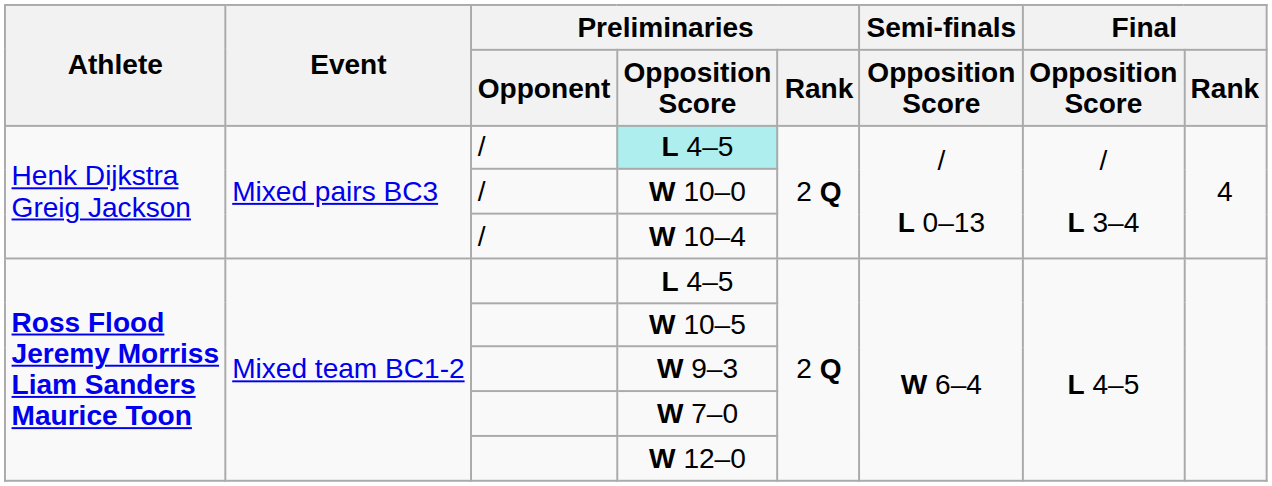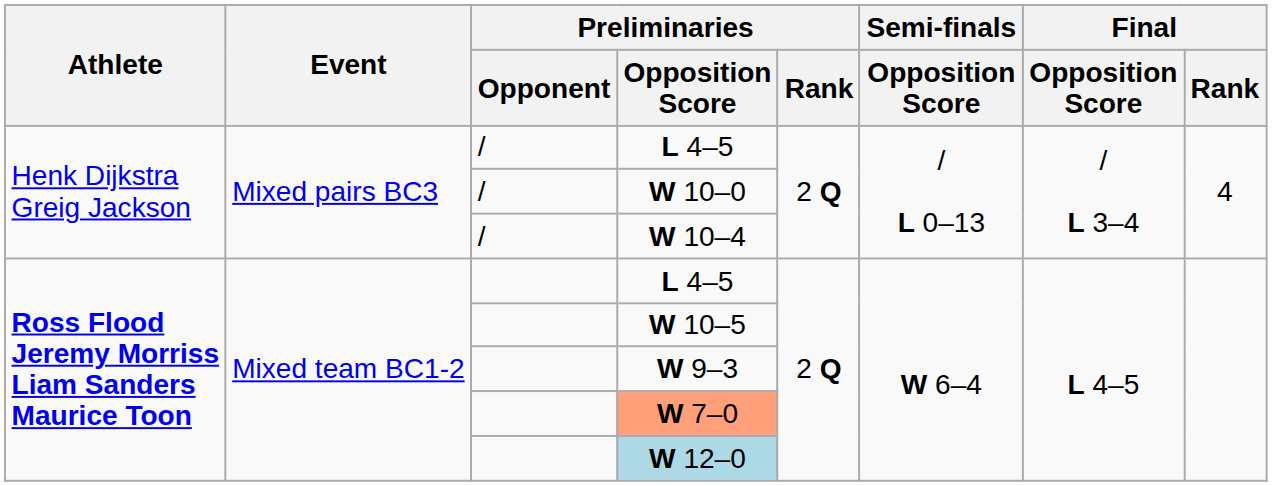 <table class=wikitable style="font-size:90%">
 <tr>
 <th rowspan="2">Athlete</th>
 <th rowspan="2">Event</th>
 <th colspan="3">Preliminaries</th>
 <th>Semi-finals</th>
 <th colspan="2">Final</th>
 </tr>
 <tr>
 <th>Opponent</th>
 <th>Opposition<br>Score</th>
 <th>Rank</th>
 <th>Opposition<br>Score</th>
 <th>Opposition<br>Score</th>
 <th>Rank</th>
 </tr>
 <tr>
 <td rowspan="3"><a href='#'>Henk Dijkstra</a><br> <a href='#'>Greig Jackson</a></td>
 <td rowspan="3"><a href='#'>Mixed pairs BC3</a></td>
 <td align="left"> /<br> </td>
-<td align="center" style="background: paleturquoise;"><strong>L</strong> 4–5</td>
+<td align="center"><strong>L</strong> 4–5</td>
 <td align="center" rowspan="3">2 <strong>Q</strong></td>
 <td align="center" rowspan="3"> /<br> <br> <strong>L</strong> 0–13</td>
 <td align="center" rowspan="3"> /<br> <br><strong>L</strong> 3–4</td>
 <td align="center" rowspan="3">4</td>
 </tr>
 <tr>
 <td align="left"> /<br> </td>
 <td align="center"><strong>W</strong> 10–0</td>
 </tr>
 <tr>
 <td align="left"> /<br> </td>
 <td align="center"><strong>W</strong> 10–4</td>
 </tr>
 <tr>
 <td rowspan="5"><strong><a href='#'>Ross Flood</a></strong><br> <strong><a href='#'>Jeremy Morriss</a></strong><br> <strong><a href='#'>Liam Sanders</a></strong><br> <strong><a href='#'>Maurice Toon</a></strong></td>
 <td rowspan="5"><a href='#'>Mixed team BC1-2</a></td>
 <td align="left"></td>
 <td align="center"><strong>L</strong> 4–5</td>
 <td align="center" rowspan="5">2 <strong>Q</strong></td>
 <td align="center" rowspan="5"><br><strong>W</strong> 6–4</td>
 <td align="center" rowspan="5"><br><strong>L</strong> 4–5</td>
 <td align="center" rowspan="5"></td>
 </tr>
 <tr>
 <td align="left"></td>
 <td align="center"><strong>W</strong> 10–5</td>
 </tr>
 <tr>
 <td align="left"></td>
 <td align="center"><strong>W</strong> 9–3</td>
 </tr>
 <tr>
 <td align="left"></td>
-<td align="center"><strong>W</strong> 7–0</td>
+<td align="center" style="background: lightsalmon;"><strong>W</strong> 7–0</td>
 </tr>
 <tr>
 <td align="left"></td>
-<td align="center"><strong>W</strong> 12–0</td>
+<td align="center" style="background: lightblue;"><strong>W</strong> 12–0</td>
 </tr>
 </table>
